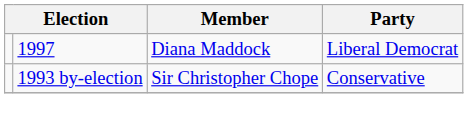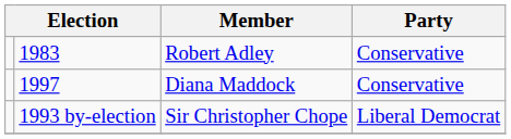 <table class="wikitable">
 <tr>
 <th colspan="2">Election</th>
 <th>Member</th>
 <th>Party</th>
 </tr>
 <tr>
 <td style="color:inherit;background-color: "></td>
+<td><a href='#'>1983</a></td>
+<td><a href='#'>Robert Adley</a></td>
+<td><a href='#'>Conservative</a></td>
+</tr>
+<tr>
+<td style="color:inherit;background-color: "></td>
 <td><a href='#'>1997</a></td>
 <td><a href='#'>Diana Maddock</a></td>
-<td><a href='#'>Liberal Democrat</a></td>
+<td><a href='#'>Conservative</a></td>
 </tr>
 <tr>
 <td style="color:inherit;background-color: "></td>
 <td><a href='#'>1993 by-election</a></td>
 <td><a href='#'> Sir Christopher Chope</a></td>
-<td><a href='#'>Conservative</a></td>
+<td><a href='#'>Liberal Democrat</a></td>
 </tr>
 <tr>
 </tr>
 </table>
